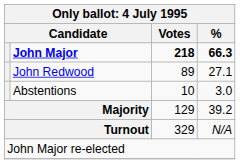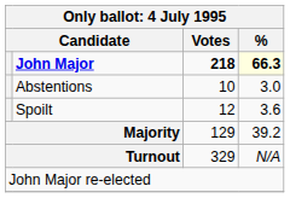 <table class="wikitable" style="font-size:95%;">
 <tr>
 <th colspan="4">Only ballot: 4 July 1995</th>
 </tr>
 <tr>
 <th colspan="2" style="width: 170px">Candidate</th>
 <th style="width: 50px">Votes</th>
 <th style="width: 40px">%</th>
 </tr>
 <tr>
 <th style="background-color: "></th>
 <td style="width: 170px"><strong><a href='#'>John Major</a></strong></td>
 <td align="right"><strong>218</strong></td>
-<td align="right"><strong>66.3</strong></td>
-</tr>
-<tr>
-<th style="background-color: "></th>
-<td style="width: 170px"><a href='#'>John Redwood</a></td>
-<td align="right">89</td>
-<td align="right">27.1</td>
+<td align="right" style="background: lightyellow;"><strong>66.3</strong></td>
 </tr>
 <tr>
 <th style="background-color: "></th>
 <td style="width: 170px">Abstentions</td>
 <td align="right">10</td>
 <td align="right">3.0</td>
+</tr>
+<tr>
+<th style="background-color: "></th>
+<td style="width: 170px">Spoilt</td>
+<td align="right">12</td>
+<td align="right">3.6</td>
 </tr>
 <tr>
 <th colspan="2" style="text-align:right">Majority</th>
 <td align="right">129</td>
 <td align="right">39.2</td>
 </tr>
 <tr>
 <th colspan="2" style="text-align:right">Turnout</th>
 <td align="right">329</td>
 <td align="right"><em>N/A</em></td>
 </tr>
 <tr>
 <td colspan="4">John Major re-elected</td>
 </tr>
 <tr>
 </tr>
 </table>
